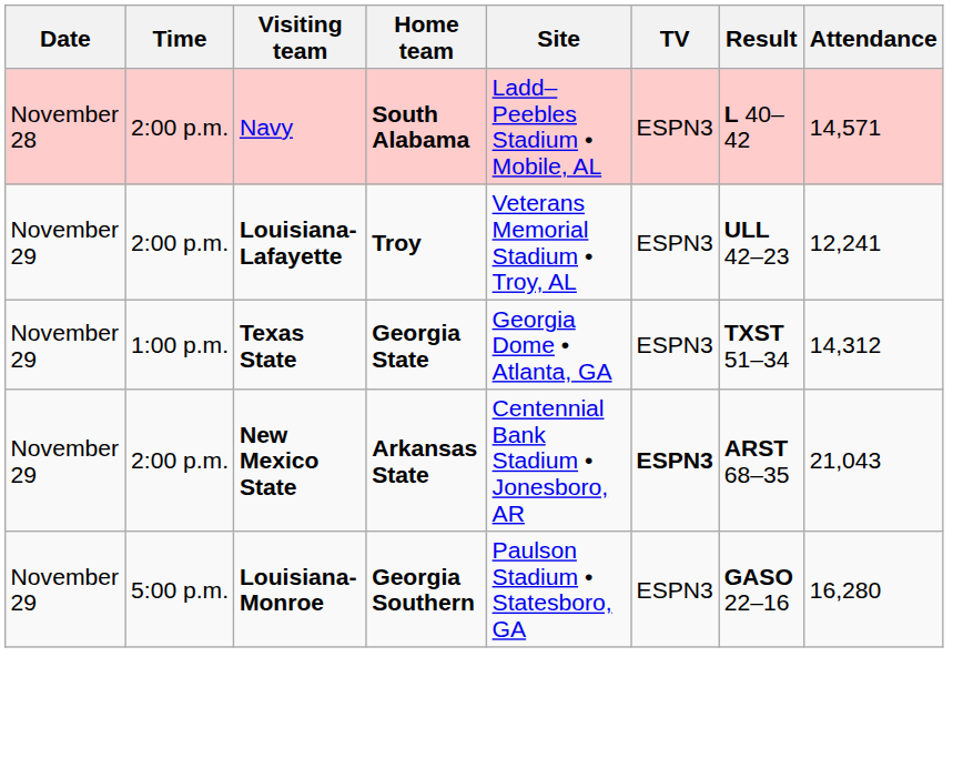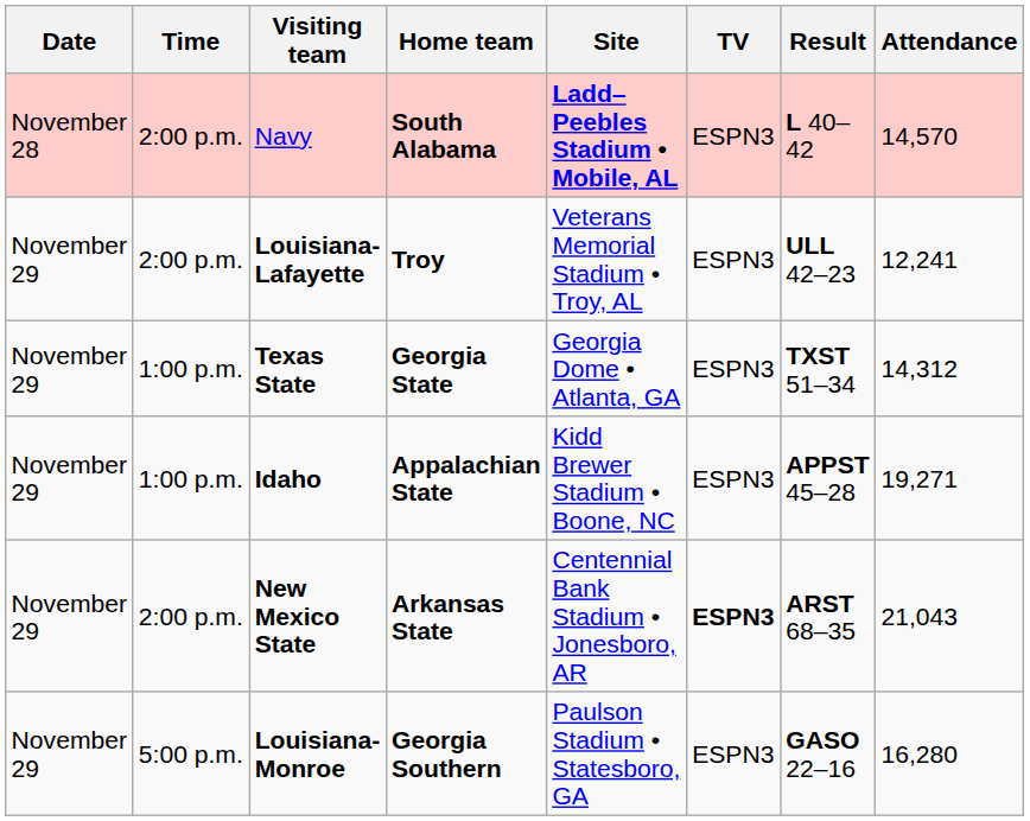 <table class="wikitable" style="font-size:95%;">
 <tr>
 <th>Date</th>
 <th>Time</th>
 <th>Visiting team</th>
 <th>Home team</th>
 <th>Site</th>
 <th>TV</th>
 <th>Result</th>
 <th>Attendance</th>
 </tr>
 <tr style="background:#fcc">
 <td>November 28</td>
 <td>2:00 p.m.</td>
 <td><a href='#'>Navy</a></td>
 <td><strong>South Alabama</strong></td>
-<td><a href='#'>Ladd–Peebles Stadium</a> • <a href='#'>Mobile, AL</a></td>
+<td><strong><a href='#'>Ladd–Peebles Stadium</a> • <a href='#'>Mobile, AL</a></strong></td>
 <td>ESPN3</td>
 <td><strong>L</strong> 40–42</td>
-<td>14,571</td>
+<td>14,570</td>
 </tr>
 <tr style="background:">
 <td>November 29</td>
 <td>2:00 p.m.</td>
 <td><strong>Louisiana-Lafayette</strong></td>
 <td><strong>Troy</strong></td>
 <td><a href='#'>Veterans Memorial Stadium</a> • <a href='#'>Troy, AL</a></td>
 <td>ESPN3</td>
 <td><strong>ULL</strong> 42–23</td>
 <td>12,241</td>
 </tr>
 <tr style="background:">
 <td>November 29</td>
 <td>1:00 p.m.</td>
 <td><strong>Texas State</strong></td>
 <td><strong>Georgia State</strong></td>
 <td><a href='#'>Georgia Dome</a> • <a href='#'>Atlanta, GA</a></td>
 <td>ESPN3</td>
 <td><strong>TXST</strong> 51–34</td>
 <td>14,312</td>
 </tr>
 <tr style="background:">
 <td>November 29</td>
+<td>1:00 p.m.</td>
+<td><strong>Idaho</strong></td>
+<td><strong>Appalachian State</strong></td>
+<td><a href='#'>Kidd Brewer Stadium</a> • <a href='#'>Boone, NC</a></td>
+<td>ESPN3</td>
+<td><strong>APPST</strong> 45–28</td>
+<td>19,271</td>
+</tr>
+<tr style="background:">
+<td>November 29</td>
 <td>2:00 p.m.</td>
 <td><strong>New Mexico State</strong></td>
 <td><strong>Arkansas State</strong></td>
 <td><a href='#'>Centennial Bank Stadium</a> • <a href='#'>Jonesboro, AR</a></td>
 <td><strong>ESPN3</strong></td>
 <td><strong>ARST</strong> 68–35</td>
 <td>21,043</td>
 </tr>
 <tr style="background:">
 <td>November 29</td>
 <td>5:00 p.m.</td>
 <td><strong>Louisiana-Monroe</strong></td>
 <td><strong>Georgia Southern</strong></td>
 <td><a href='#'>Paulson Stadium</a> • <a href='#'>Statesboro, GA</a></td>
 <td>ESPN3</td>
 <td><strong>GASO</strong> 22–16</td>
 <td>16,280</td>
 </tr>
 </table>
